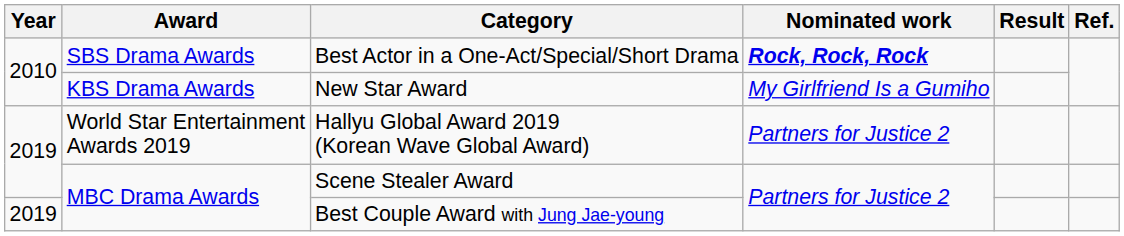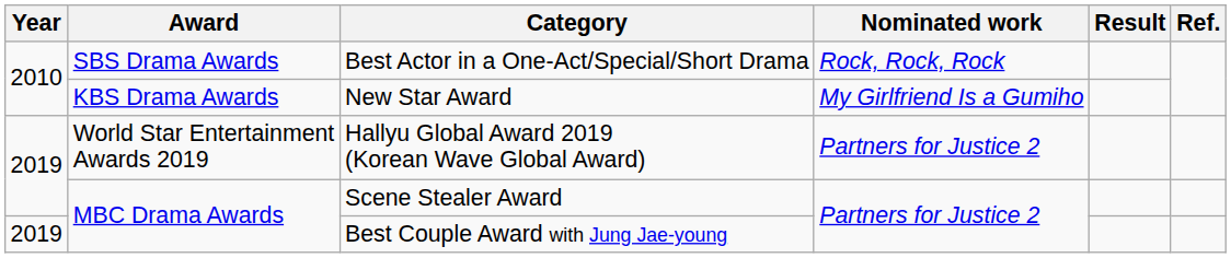 <table class="wikitable">
 <tr>
 <th>Year</th>
 <th>Award</th>
 <th>Category</th>
 <th>Nominated work</th>
 <th>Result</th>
 <th>Ref.</th>
 </tr>
 <tr>
 <td rowspan=2>2010</td>
 <td><a href='#'>SBS Drama Awards</a></td>
 <td>Best Actor in a One-Act/Special/Short Drama</td>
-<td><strong><em><a href='#'>Rock, Rock, Rock</a></em></strong></td>
+<td><em><a href='#'>Rock, Rock, Rock</a></em></td>
 <td></td>
 </tr>
 <tr>
 <td><a href='#'>KBS Drama Awards</a></td>
 <td>New Star Award</td>
 <td><em><a href='#'>My Girlfriend Is a Gumiho</a></em></td>
 <td></td>
 </tr>
 <tr>
 <td rowspan=2>2019</td>
 <td>World Star Entertainment<br>Awards 2019</td>
 <td>Hallyu Global Award 2019<br>(Korean Wave Global Award)</td>
 <td><em><a href='#'>Partners for Justice 2</a></em></td>
 <td></td>
 <td></td>
 </tr>
 <tr>
 <td rowspan=2><a href='#'>MBC Drama Awards</a></td>
 <td>Scene Stealer Award</td>
 <td rowspan=2><em><a href='#'>Partners for Justice 2</a></em></td>
 <td></td>
 <td></td>
 </tr>
 <tr>
 <td rowspan=2>2019</td>
 <td>Best Couple Award <small>with <a href='#'>Jung Jae-young</a></small></td>
 <td></td>
 </tr>
 </table>
